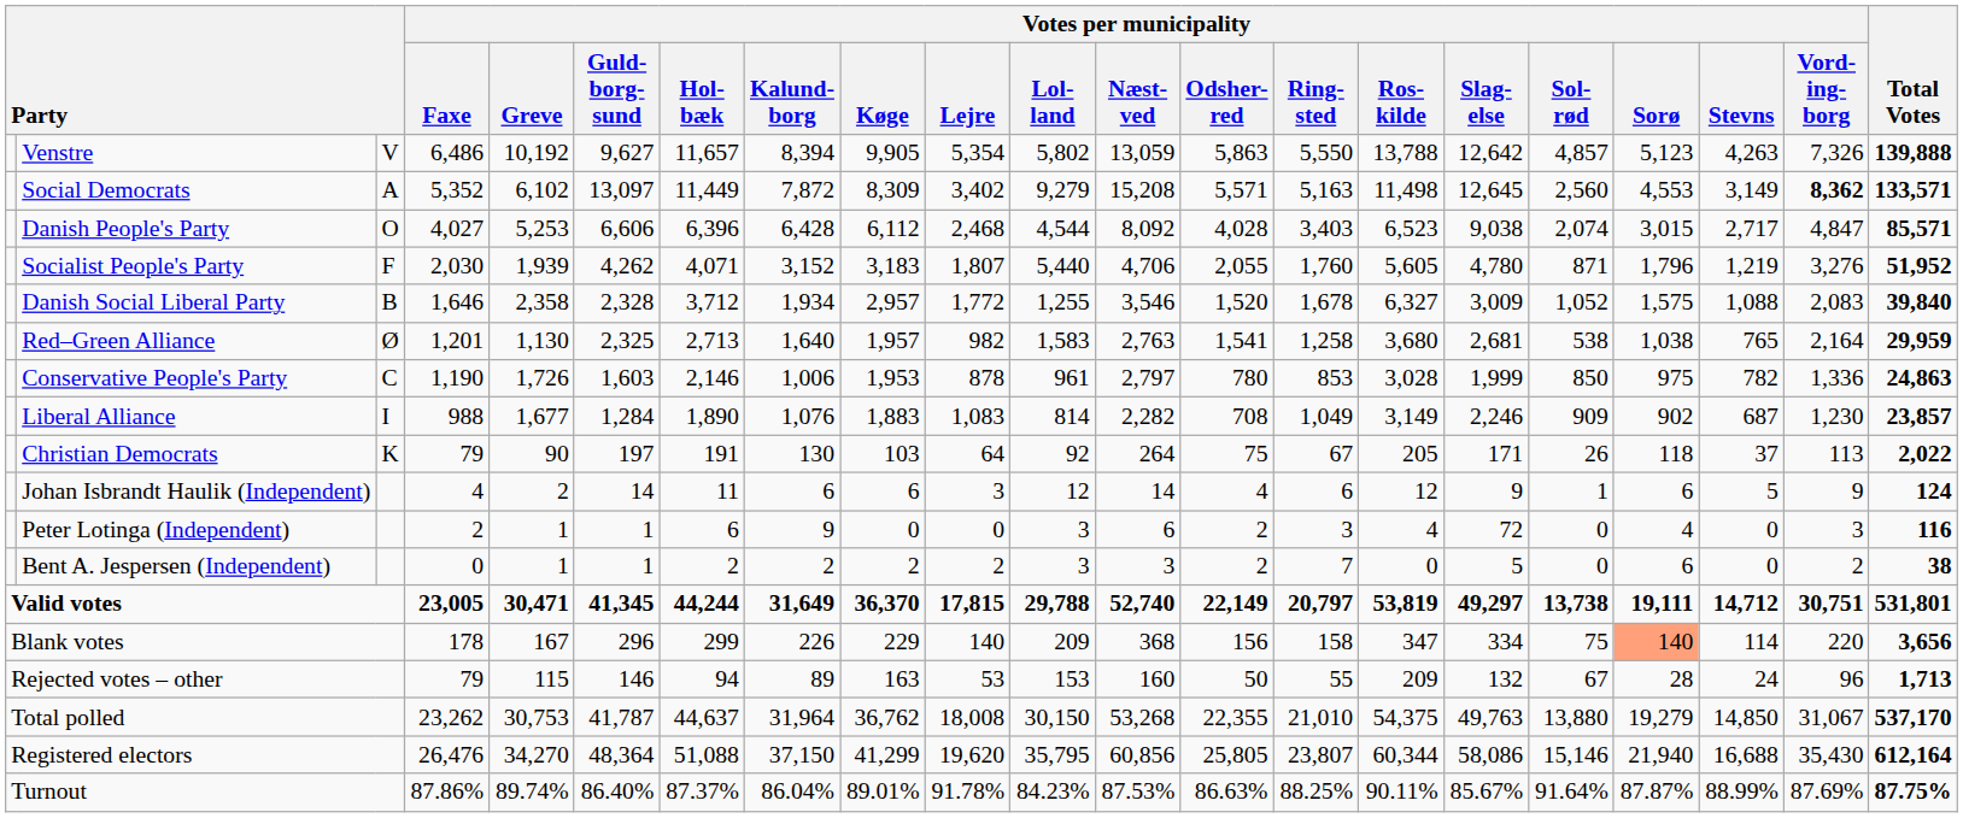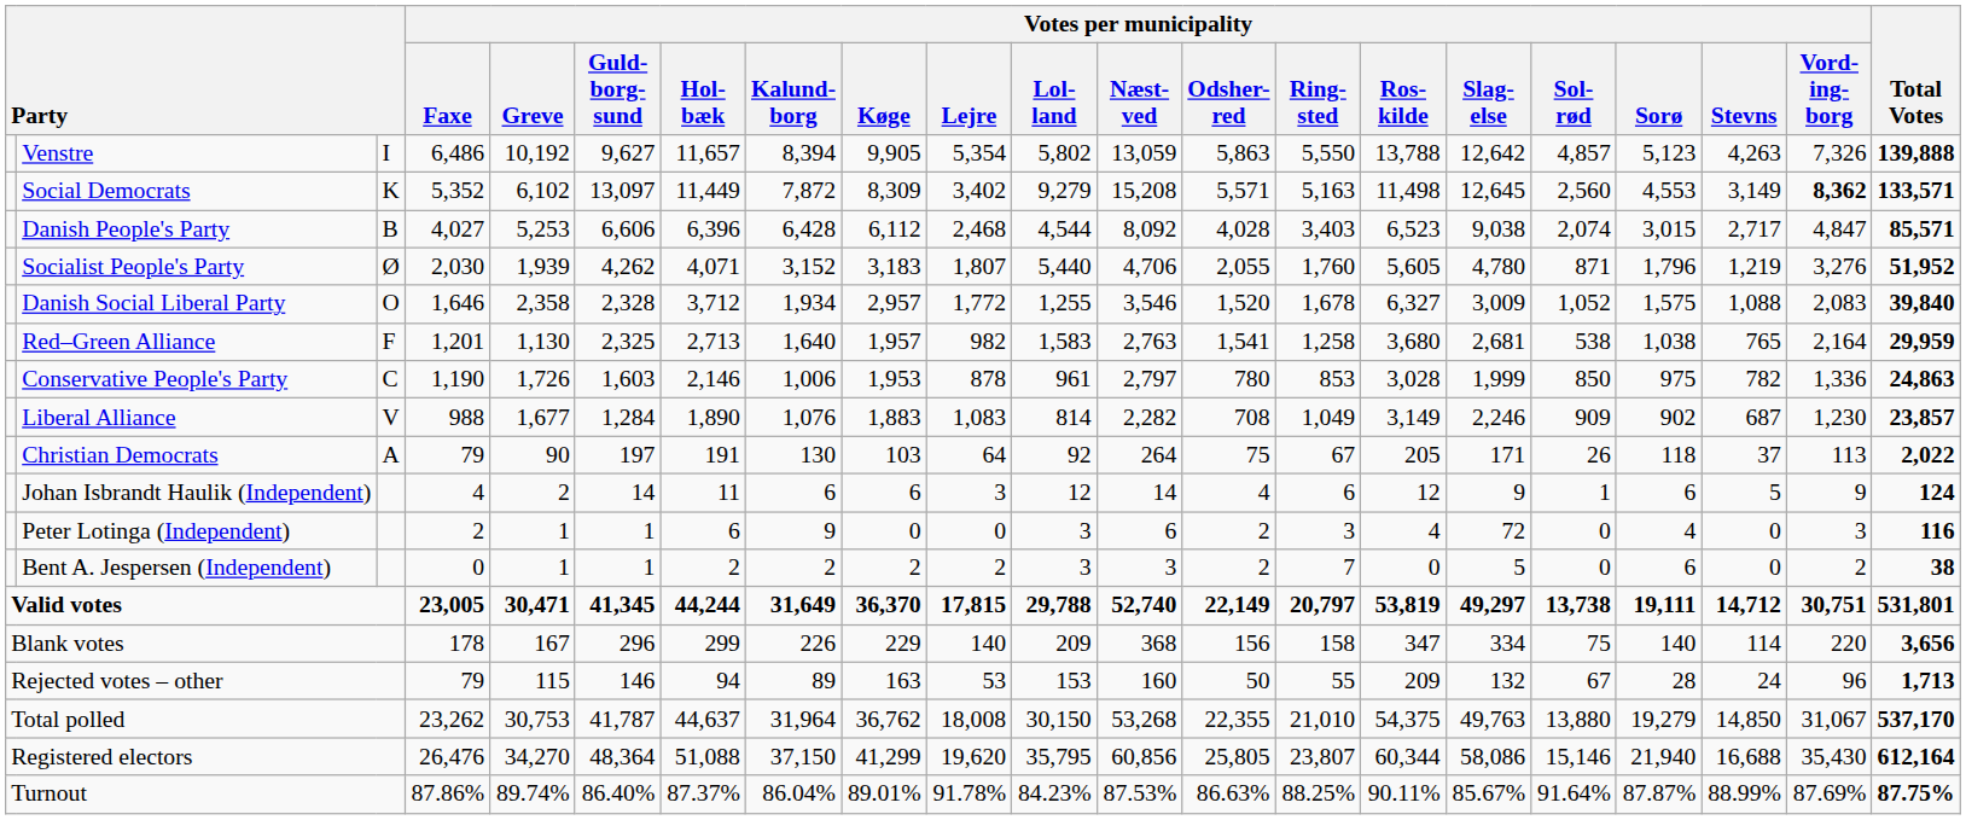 <table class="wikitable" border="1" style="text-align:right;">
 <tr>
 <th style="text-align:left;" valign=bottom rowspan=2 colspan=3>Party</th>
 <th colspan=17>Votes per municipality</th>
 <th align=center valign=bottom rowspan=2 width="50">Total Votes</th>
 </tr>
 <tr>
 <th align=center valign=bottom width="50"><a href='#'>Faxe</a></th>
 <th align=center valign=bottom width="50"><a href='#'>Greve</a></th>
 <th align=center valign=bottom width="50"><a href='#'>Guld- borg- sund</a></th>
 <th align=center valign=bottom width="50"><a href='#'>Hol- bæk</a></th>
 <th align=center valign=bottom width="50"><a href='#'>Kalund- borg</a></th>
 <th align=center valign=bottom width="50"><a href='#'>Køge</a></th>
 <th align=center valign=bottom width="50"><a href='#'>Lejre</a></th>
 <th align=center valign=bottom width="50"><a href='#'>Lol- land</a></th>
 <th align=center valign=bottom width="50"><a href='#'>Næst- ved</a></th>
 <th align=center valign=bottom width="50"><a href='#'>Odsher- red</a></th>
 <th align=center valign=bottom width="50"><a href='#'>Ring- sted</a></th>
 <th align=center valign=bottom width="50"><a href='#'>Ros- kilde</a></th>
 <th align=center valign=bottom width="50"><a href='#'>Slag- else</a></th>
 <th align=center valign=bottom width="50"><a href='#'>Sol- rød</a></th>
 <th align=center valign=bottom width="50"><a href='#'>Sorø</a></th>
 <th align=center valign=bottom width="50"><a href='#'>Stevns</a></th>
 <th align=center valign=bottom width="50"><a href='#'>Vord- ing- borg</a></th>
 </tr>
 <tr>
 <td></td>
 <td align=left><a href='#'>Venstre</a></td>
-<td align=left>V</td>
+<td align=left>I</td>
 <td>6,486</td>
 <td>10,192</td>
 <td>9,627</td>
 <td>11,657</td>
 <td>8,394</td>
 <td>9,905</td>
 <td>5,354</td>
 <td>5,802</td>
 <td>13,059</td>
 <td>5,863</td>
 <td>5,550</td>
 <td>13,788</td>
 <td>12,642</td>
 <td>4,857</td>
 <td>5,123</td>
 <td>4,263</td>
 <td>7,326</td>
 <td><strong>139,888</strong></td>
 </tr>
 <tr>
 <td></td>
 <td align=left><a href='#'>Social Democrats</a></td>
-<td align=left>A</td>
+<td align=left>K</td>
 <td>5,352</td>
 <td>6,102</td>
 <td>13,097</td>
 <td>11,449</td>
 <td>7,872</td>
 <td>8,309</td>
 <td>3,402</td>
 <td>9,279</td>
 <td>15,208</td>
 <td>5,571</td>
 <td>5,163</td>
 <td>11,498</td>
 <td>12,645</td>
 <td>2,560</td>
 <td>4,553</td>
 <td>3,149</td>
 <td><strong>8,362</strong></td>
 <td><strong>133,571</strong></td>
 </tr>
 <tr>
 <td></td>
 <td align=left><a href='#'>Danish People's Party</a></td>
-<td align=left>O</td>
+<td align=left>B</td>
 <td>4,027</td>
 <td>5,253</td>
 <td>6,606</td>
 <td>6,396</td>
 <td>6,428</td>
 <td>6,112</td>
 <td>2,468</td>
 <td>4,544</td>
 <td>8,092</td>
 <td>4,028</td>
 <td>3,403</td>
 <td>6,523</td>
 <td>9,038</td>
 <td>2,074</td>
 <td>3,015</td>
 <td>2,717</td>
 <td>4,847</td>
 <td><strong>85,571</strong></td>
 </tr>
 <tr>
 <td></td>
 <td align=left><a href='#'>Socialist People's Party</a></td>
-<td align=left>F</td>
+<td align=left>Ø</td>
 <td>2,030</td>
 <td>1,939</td>
 <td>4,262</td>
 <td>4,071</td>
 <td>3,152</td>
 <td>3,183</td>
 <td>1,807</td>
 <td>5,440</td>
 <td>4,706</td>
 <td>2,055</td>
 <td>1,760</td>
 <td>5,605</td>
 <td>4,780</td>
 <td>871</td>
 <td>1,796</td>
 <td>1,219</td>
 <td>3,276</td>
 <td><strong>51,952</strong></td>
 </tr>
 <tr>
 <td></td>
 <td align=left><a href='#'>Danish Social Liberal Party</a></td>
-<td align=left>B</td>
+<td align=left>O</td>
 <td>1,646</td>
 <td>2,358</td>
 <td>2,328</td>
 <td>3,712</td>
 <td>1,934</td>
 <td>2,957</td>
 <td>1,772</td>
 <td>1,255</td>
 <td>3,546</td>
 <td>1,520</td>
 <td>1,678</td>
 <td>6,327</td>
 <td>3,009</td>
 <td>1,052</td>
 <td>1,575</td>
 <td>1,088</td>
 <td>2,083</td>
 <td><strong>39,840</strong></td>
 </tr>
 <tr>
 <td></td>
 <td align=left><a href='#'>Red–Green Alliance</a></td>
-<td align=left>Ø</td>
+<td align=left>F</td>
 <td>1,201</td>
 <td>1,130</td>
 <td>2,325</td>
 <td>2,713</td>
 <td>1,640</td>
 <td>1,957</td>
 <td>982</td>
 <td>1,583</td>
 <td>2,763</td>
 <td>1,541</td>
 <td>1,258</td>
 <td>3,680</td>
 <td>2,681</td>
 <td>538</td>
 <td>1,038</td>
 <td>765</td>
 <td>2,164</td>
 <td><strong>29,959</strong></td>
 </tr>
 <tr>
 <td></td>
 <td align=left style="white-space: nowrap;"><a href='#'>Conservative People's Party</a></td>
 <td align=left>C</td>
 <td>1,190</td>
 <td>1,726</td>
 <td>1,603</td>
 <td>2,146</td>
 <td>1,006</td>
 <td>1,953</td>
 <td>878</td>
 <td>961</td>
 <td>2,797</td>
 <td>780</td>
 <td>853</td>
 <td>3,028</td>
 <td>1,999</td>
 <td>850</td>
 <td>975</td>
 <td>782</td>
 <td>1,336</td>
 <td><strong>24,863</strong></td>
 </tr>
 <tr>
 <td></td>
 <td align=left><a href='#'>Liberal Alliance</a></td>
-<td align=left>I</td>
+<td align=left>V</td>
 <td>988</td>
 <td>1,677</td>
 <td>1,284</td>
 <td>1,890</td>
 <td>1,076</td>
 <td>1,883</td>
 <td>1,083</td>
 <td>814</td>
 <td>2,282</td>
 <td>708</td>
 <td>1,049</td>
 <td>3,149</td>
 <td>2,246</td>
 <td>909</td>
 <td>902</td>
 <td>687</td>
 <td>1,230</td>
 <td><strong>23,857</strong></td>
 </tr>
 <tr>
 <td></td>
 <td align=left><a href='#'>Christian Democrats</a></td>
-<td align=left>K</td>
+<td align=left>A</td>
 <td>79</td>
 <td>90</td>
 <td>197</td>
 <td>191</td>
 <td>130</td>
 <td>103</td>
 <td>64</td>
 <td>92</td>
 <td>264</td>
 <td>75</td>
 <td>67</td>
 <td>205</td>
 <td>171</td>
 <td>26</td>
 <td>118</td>
 <td>37</td>
 <td>113</td>
 <td><strong>2,022</strong></td>
 </tr>
 <tr>
 <td></td>
 <td align=left>Johan Isbrandt Haulik (<a href='#'>Independent</a>)</td>
 <td></td>
 <td>4</td>
 <td>2</td>
 <td>14</td>
 <td>11</td>
 <td>6</td>
 <td>6</td>
 <td>3</td>
 <td>12</td>
 <td>14</td>
 <td>4</td>
 <td>6</td>
 <td>12</td>
 <td>9</td>
 <td>1</td>
 <td>6</td>
 <td>5</td>
 <td>9</td>
 <td><strong>124</strong></td>
 </tr>
 <tr>
 <td></td>
 <td align=left>Peter Lotinga (<a href='#'>Independent</a>)</td>
 <td></td>
 <td>2</td>
 <td>1</td>
 <td>1</td>
 <td>6</td>
 <td>9</td>
 <td>0</td>
 <td>0</td>
 <td>3</td>
 <td>6</td>
 <td>2</td>
 <td>3</td>
 <td>4</td>
 <td>72</td>
 <td>0</td>
 <td>4</td>
 <td>0</td>
 <td>3</td>
 <td><strong>116</strong></td>
 </tr>
 <tr>
 <td></td>
 <td align=left>Bent A. Jespersen (<a href='#'>Independent</a>)</td>
 <td></td>
 <td>0</td>
 <td>1</td>
 <td>1</td>
 <td>2</td>
 <td>2</td>
 <td>2</td>
 <td>2</td>
 <td>3</td>
 <td>3</td>
 <td>2</td>
 <td>7</td>
 <td>0</td>
 <td>5</td>
 <td>0</td>
 <td>6</td>
 <td>0</td>
 <td>2</td>
 <td><strong>38</strong></td>
 </tr>
 <tr style="font-weight:bold">
 <td align=left colspan=3>Valid votes</td>
 <td>23,005</td>
 <td>30,471</td>
 <td>41,345</td>
 <td>44,244</td>
 <td>31,649</td>
 <td>36,370</td>
 <td>17,815</td>
 <td>29,788</td>
 <td>52,740</td>
 <td>22,149</td>
 <td>20,797</td>
 <td>53,819</td>
 <td>49,297</td>
 <td>13,738</td>
 <td>19,111</td>
 <td>14,712</td>
 <td>30,751</td>
 <td>531,801</td>
 </tr>
 <tr>
 <td align=left colspan=3>Blank votes</td>
 <td>178</td>
 <td>167</td>
 <td>296</td>
 <td>299</td>
 <td>226</td>
 <td>229</td>
 <td>140</td>
 <td>209</td>
 <td>368</td>
 <td>156</td>
 <td>158</td>
 <td>347</td>
 <td>334</td>
 <td>75</td>
-<td style="background: lightsalmon;">140</td>
+<td>140</td>
 <td>114</td>
 <td>220</td>
 <td><strong>3,656</strong></td>
 </tr>
 <tr>
 <td align=left colspan=3>Rejected votes – other</td>
 <td>79</td>
 <td>115</td>
 <td>146</td>
 <td>94</td>
 <td>89</td>
 <td>163</td>
 <td>53</td>
 <td>153</td>
 <td>160</td>
 <td>50</td>
 <td>55</td>
 <td>209</td>
 <td>132</td>
 <td>67</td>
 <td>28</td>
 <td>24</td>
 <td>96</td>
 <td><strong>1,713</strong></td>
 </tr>
 <tr>
 <td align=left colspan=3>Total polled</td>
 <td>23,262</td>
 <td>30,753</td>
 <td>41,787</td>
 <td>44,637</td>
 <td>31,964</td>
 <td>36,762</td>
 <td>18,008</td>
 <td>30,150</td>
 <td>53,268</td>
 <td>22,355</td>
 <td>21,010</td>
 <td>54,375</td>
 <td>49,763</td>
 <td>13,880</td>
 <td>19,279</td>
 <td>14,850</td>
 <td>31,067</td>
 <td><strong>537,170</strong></td>
 </tr>
 <tr>
 <td align=left colspan=3>Registered electors</td>
 <td>26,476</td>
 <td>34,270</td>
 <td>48,364</td>
 <td>51,088</td>
 <td>37,150</td>
 <td>41,299</td>
 <td>19,620</td>
 <td>35,795</td>
 <td>60,856</td>
 <td>25,805</td>
 <td>23,807</td>
 <td>60,344</td>
 <td>58,086</td>
 <td>15,146</td>
 <td>21,940</td>
 <td>16,688</td>
 <td>35,430</td>
 <td><strong>612,164</strong></td>
 </tr>
 <tr>
 <td align=left colspan=3>Turnout</td>
 <td>87.86%</td>
 <td>89.74%</td>
 <td>86.40%</td>
 <td>87.37%</td>
 <td>86.04%</td>
 <td>89.01%</td>
 <td>91.78%</td>
 <td>84.23%</td>
 <td>87.53%</td>
 <td>86.63%</td>
 <td>88.25%</td>
 <td>90.11%</td>
 <td>85.67%</td>
 <td>91.64%</td>
 <td>87.87%</td>
 <td>88.99%</td>
 <td>87.69%</td>
 <td><strong>87.75%</strong></td>
 </tr>
 </table>
